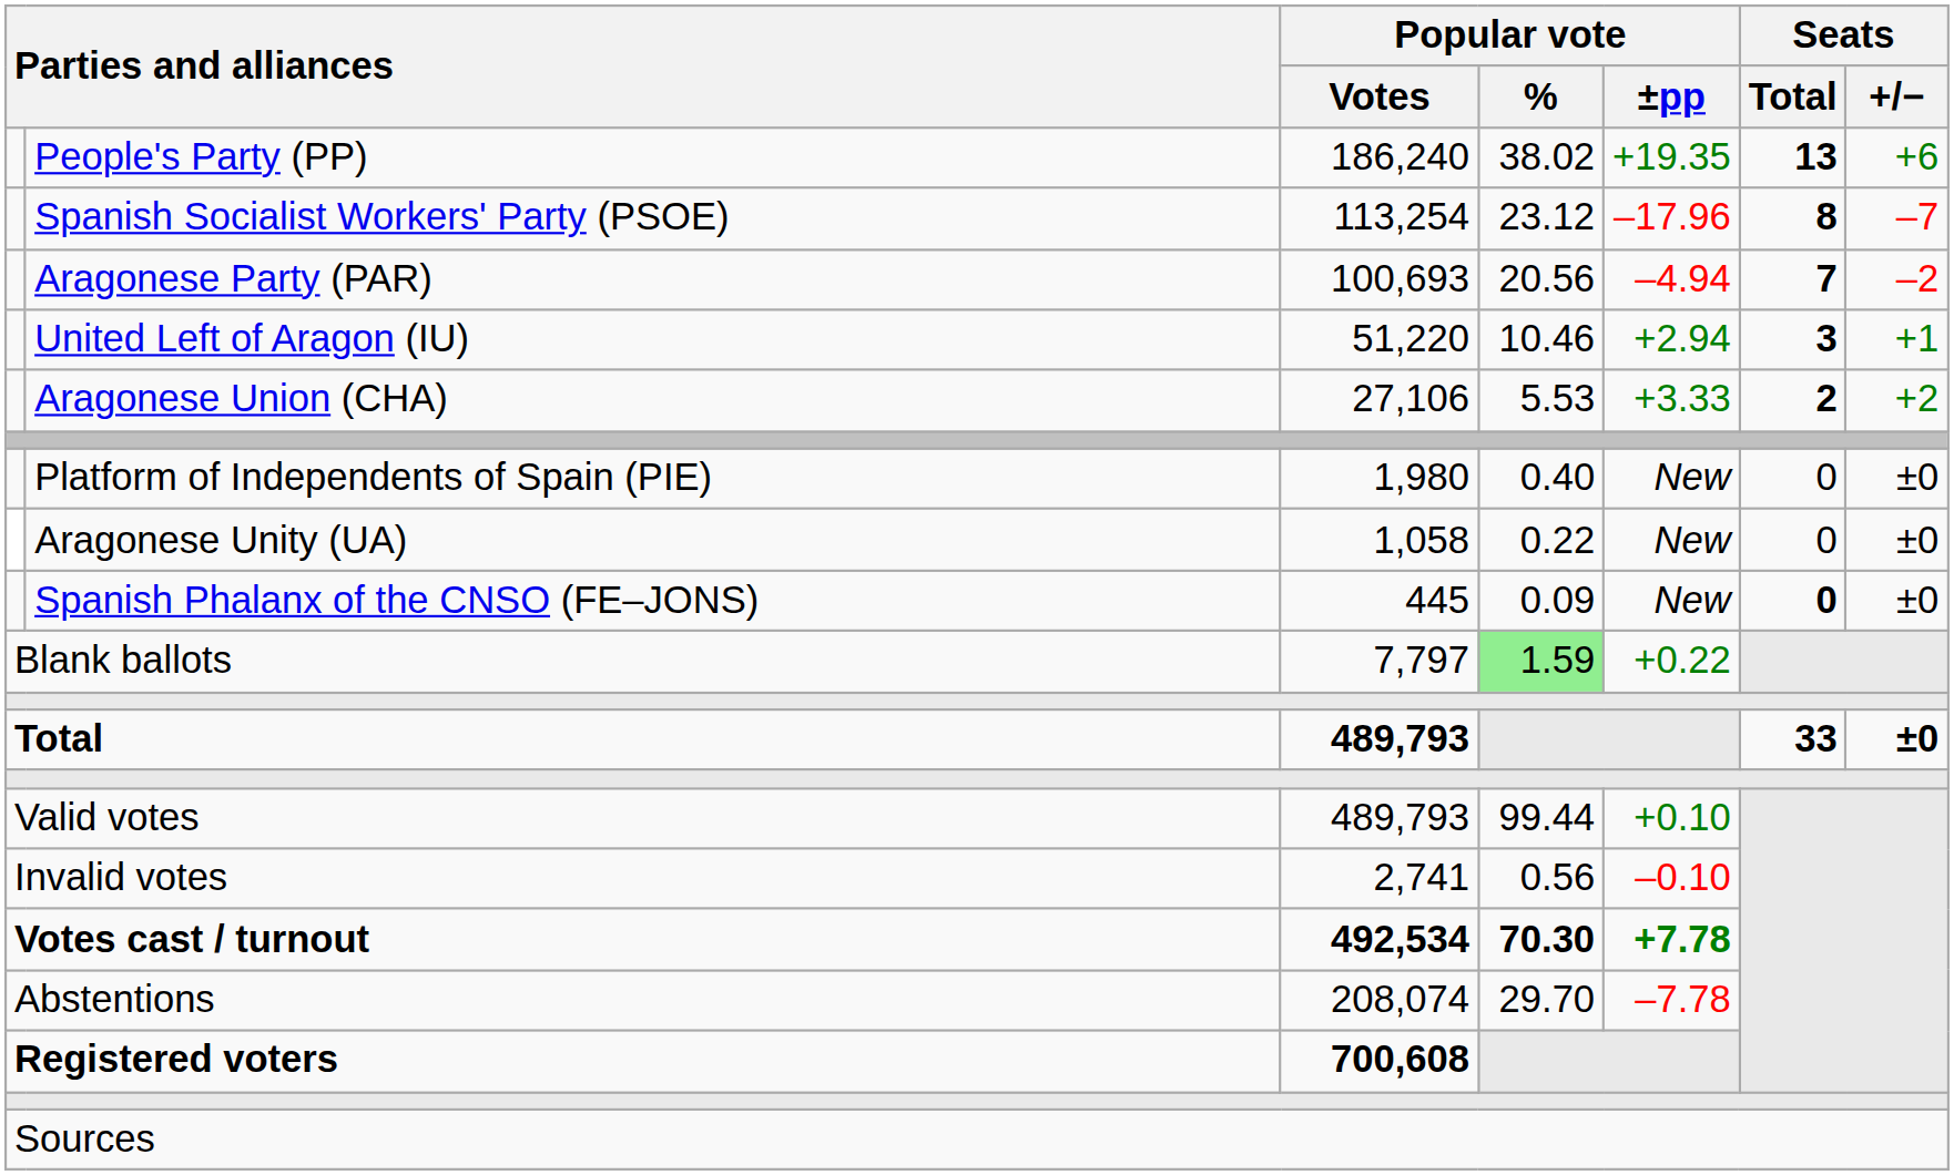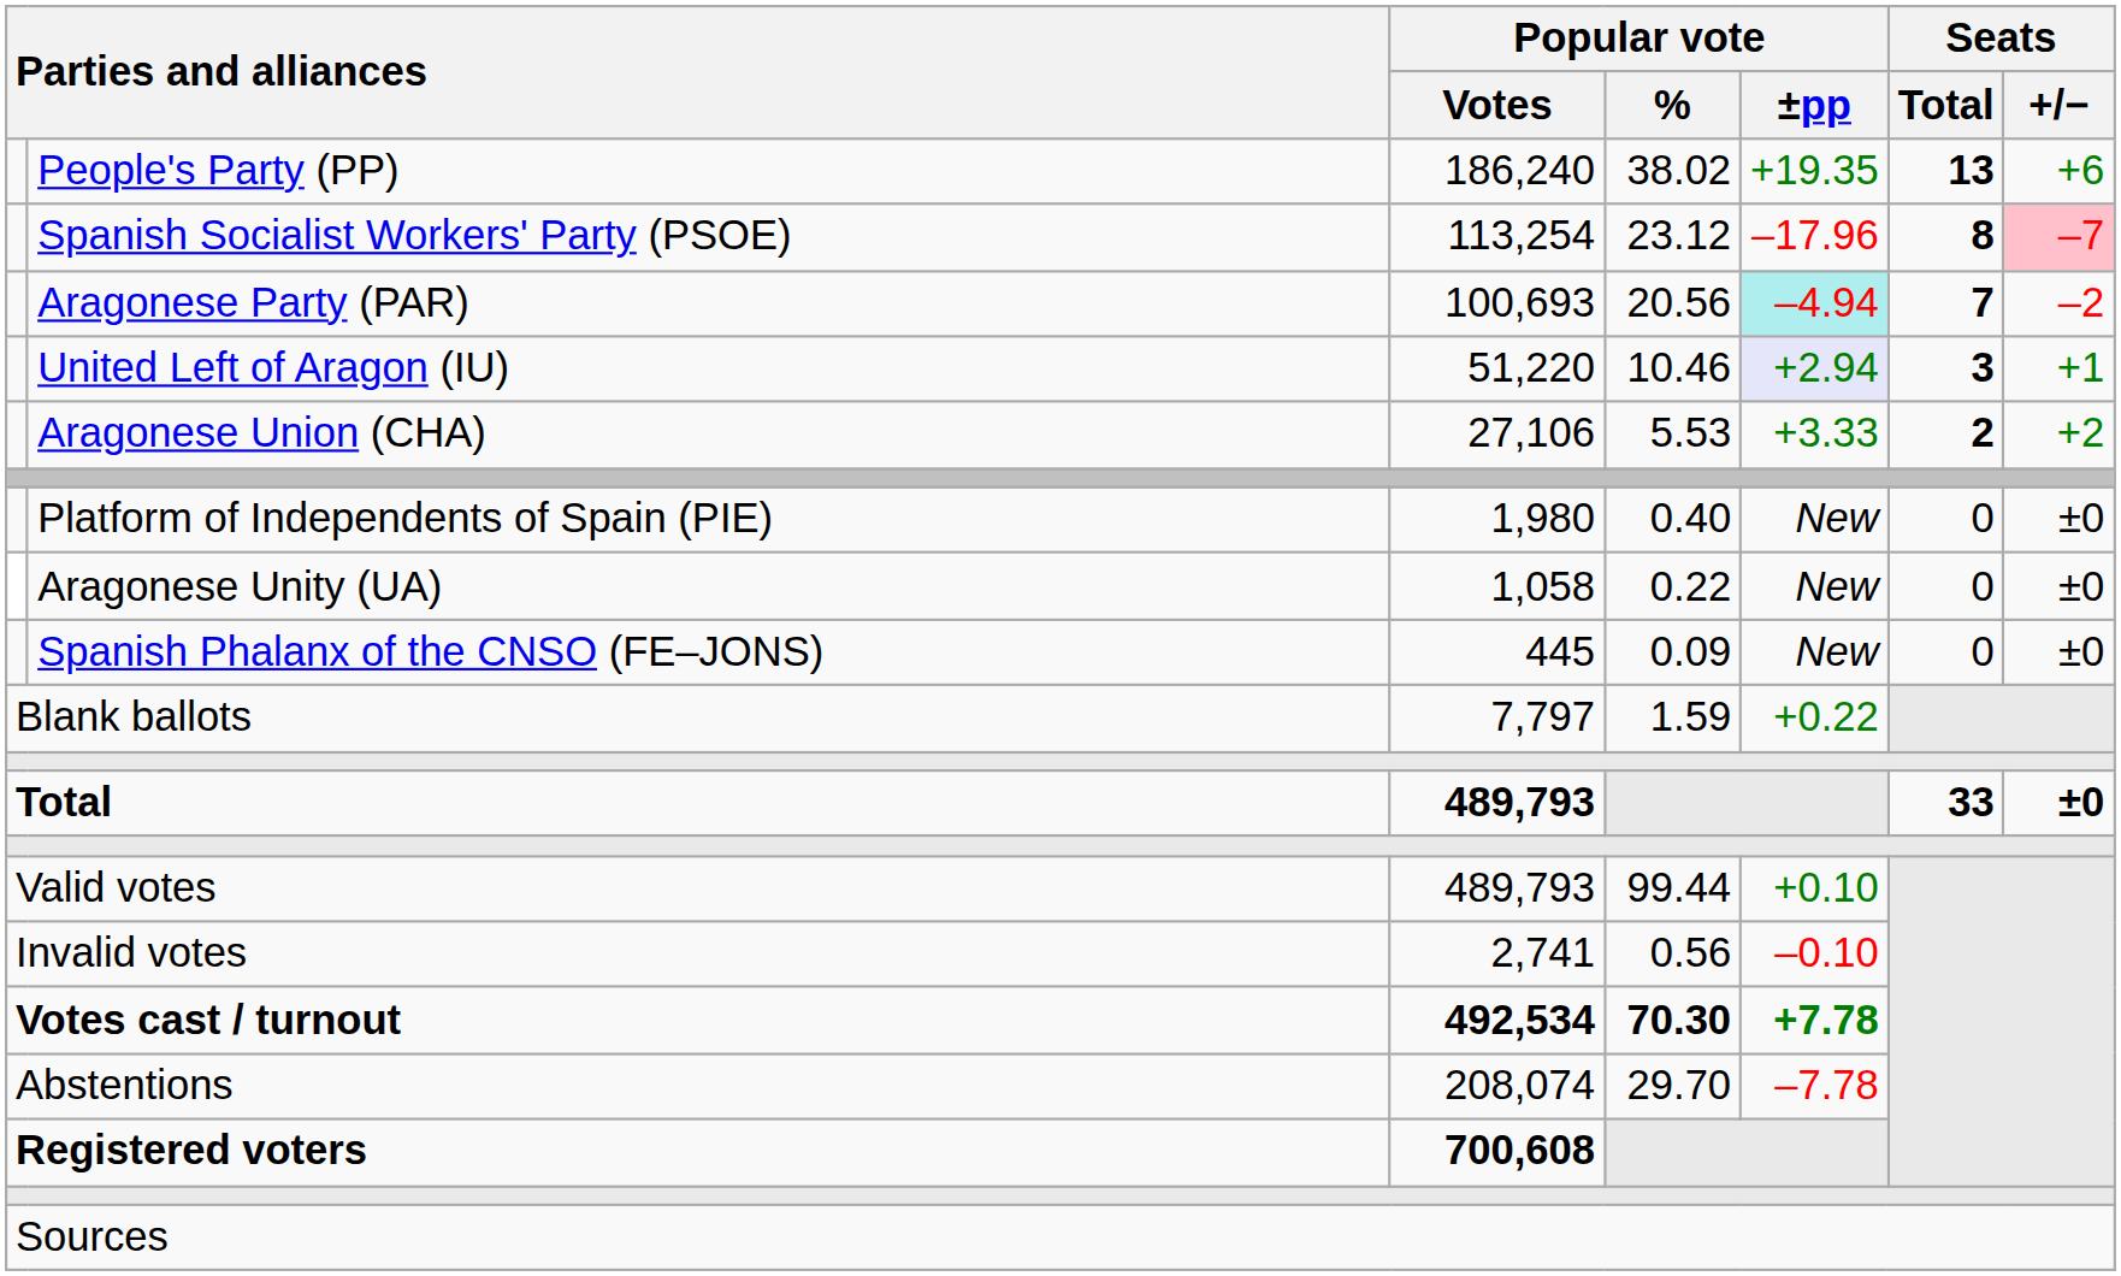 <table class="wikitable" style="text-align:right;">
 <tr>
 <th style="text-align:left;" rowspan="2" colspan="2" width="525">Parties and alliances</th>
 <th colspan="3">Popular vote</th>
 <th colspan="2">Seats</th>
 </tr>
 <tr>
 <th width="75">Votes</th>
 <th width="45">%</th>
 <th width="45">±<a href='#'>pp</a></th>
 <th width="35">Total</th>
 <th width="35">+/−</th>
 </tr>
 <tr>
 <td width="1" style="color:inherit;background:"></td>
 <td align="left"><a href='#'>People's Party</a> (PP)</td>
 <td>186,240</td>
 <td>38.02</td>
 <td style="color:green;">+19.35</td>
 <td><strong>13</strong></td>
 <td style="color:green;">+6</td>
 </tr>
 <tr>
 <td style="color:inherit;background:"></td>
 <td align="left"><a href='#'>Spanish Socialist Workers' Party</a> (PSOE)</td>
 <td>113,254</td>
 <td>23.12</td>
 <td style="color:red;">–17.96</td>
 <td><strong>8</strong></td>
-<td style="color:red;">–7</td>
+<td style="background: pink; color:red;">–7</td>
 </tr>
 <tr>
 <td style="color:inherit;background:"></td>
 <td align="left"><a href='#'>Aragonese Party</a> (PAR)</td>
 <td>100,693</td>
 <td>20.56</td>
-<td style="color:red;">–4.94</td>
+<td style="background: paleturquoise; color:red;">–4.94</td>
 <td><strong>7</strong></td>
 <td style="color:red;">–2</td>
 </tr>
 <tr>
 <td style="color:inherit;background:"></td>
 <td align="left"><a href='#'>United Left of Aragon</a> (IU)</td>
 <td>51,220</td>
 <td>10.46</td>
-<td style="color:green;">+2.94</td>
+<td style="background: lavender; color:green;">+2.94</td>
 <td><strong>3</strong></td>
 <td style="color:green;">+1</td>
 </tr>
 <tr>
 <td style="color:inherit;background:"></td>
 <td align="left"><a href='#'>Aragonese Union</a> (CHA)</td>
 <td>27,106</td>
 <td>5.53</td>
 <td style="color:green;">+3.33</td>
 <td><strong>2</strong></td>
 <td style="color:green;">+2</td>
 </tr>
 <tr>
 <td colspan="7" bgcolor="#C0C0C0"></td>
 </tr>
 <tr>
 <td style="color:inherit;background:"></td>
 <td align="left">Platform of Independents of Spain (PIE)</td>
 <td>1,980</td>
 <td>0.40</td>
 <td><em>New</em></td>
 <td>0</td>
 <td>±0</td>
 </tr>
 <tr>
 <td bgcolor="white"></td>
 <td align="left">Aragonese Unity (UA)</td>
 <td>1,058</td>
 <td>0.22</td>
 <td><em>New</em></td>
 <td>0</td>
 <td>±0</td>
 </tr>
 <tr>
 <td style="color:inherit;background:"></td>
 <td align="left"><a href='#'>Spanish Phalanx of the CNSO</a> (FE–JONS)</td>
 <td>445</td>
 <td>0.09</td>
 <td><em>New</em></td>
-<td><strong>0</strong></td>
+<td>0</td>
 <td>±0</td>
 </tr>
 <tr>
 <td align="left" colspan="2">Blank ballots</td>
 <td>7,797</td>
-<td style="background: lightgreen;">1.59</td>
+<td>1.59</td>
 <td style="color:green;">+0.22</td>
 <td bgcolor="#E9E9E9" colspan="2"></td>
 </tr>
 <tr>
 <td colspan="7" bgcolor="#E9E9E9"></td>
 </tr>
 <tr style="font-weight:bold;">
 <td align="left" colspan="2">Total</td>
 <td>489,793</td>
 <td bgcolor="#E9E9E9" colspan="2"></td>
 <td>33</td>
 <td>±0</td>
 </tr>
 <tr>
 <td colspan="7" bgcolor="#E9E9E9"></td>
 </tr>
 <tr>
 <td align="left" colspan="2">Valid votes</td>
 <td>489,793</td>
 <td>99.44</td>
 <td style="color:green;">+0.10</td>
 <td bgcolor="#E9E9E9" colspan="2" rowspan="5"></td>
 </tr>
 <tr>
 <td align="left" colspan="2">Invalid votes</td>
 <td>2,741</td>
 <td>0.56</td>
 <td style="color:red;">–0.10</td>
 </tr>
 <tr style="font-weight:bold;">
 <td align="left" colspan="2">Votes cast / turnout</td>
 <td>492,534</td>
 <td>70.30</td>
 <td style="color:green;">+7.78</td>
 </tr>
 <tr>
 <td align="left" colspan="2">Abstentions</td>
 <td>208,074</td>
 <td>29.70</td>
 <td style="color:red;">–7.78</td>
 </tr>
 <tr style="font-weight:bold;">
 <td align="left" colspan="2">Registered voters</td>
 <td>700,608</td>
 <td bgcolor="#E9E9E9" colspan="2"></td>
 </tr>
 <tr>
 <td colspan="7" bgcolor="#E9E9E9"></td>
 </tr>
 <tr>
 <td align="left" colspan="7">Sources</td>
 </tr>
 </table>
